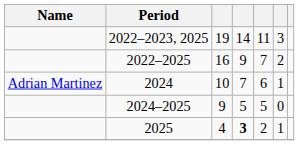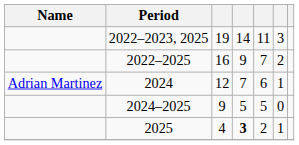 <table class="wikitable sortable" style="text-align:center">
 <tr>
 <th scope="col">Name</th>
 <th scope="col">Period</th>
 <th scope="col"></th>
 <th scope="col"></th>
 <th scope="col"></th>
 <th scope="col"></th>
 <th scope="col"></th>
 </tr>
 <tr>
 <td></td>
 <td>2022–2023, 2025</td>
 <td>19</td>
 <td>14</td>
 <td>11</td>
 <td>3</td>
 <td></td>
 </tr>
 <tr>
 <td></td>
 <td>2022–2025</td>
 <td>16</td>
 <td>9</td>
 <td>7</td>
 <td>2</td>
 <td></td>
 </tr>
 <tr>
 <td><a href='#'>Adrian Martinez</a></td>
 <td>2024</td>
-<td>10</td>
+<td>12</td>
 <td>7</td>
 <td>6</td>
 <td>1</td>
 <td></td>
 </tr>
 <tr>
 <td></td>
 <td>2024–2025</td>
 <td>9</td>
 <td>5</td>
 <td>5</td>
 <td>0</td>
 <td></td>
 </tr>
 <tr>
 <td></td>
 <td>2025</td>
 <td>4</td>
 <td><strong>3</strong></td>
 <td>2</td>
 <td>1</td>
 <td></td>
 </tr>
 <tr>
 </tr>
 </table>
